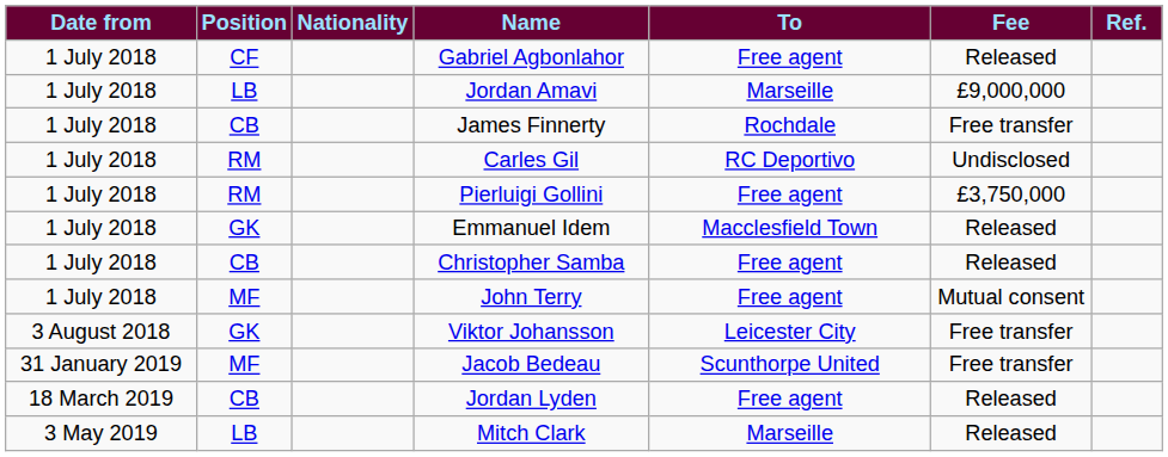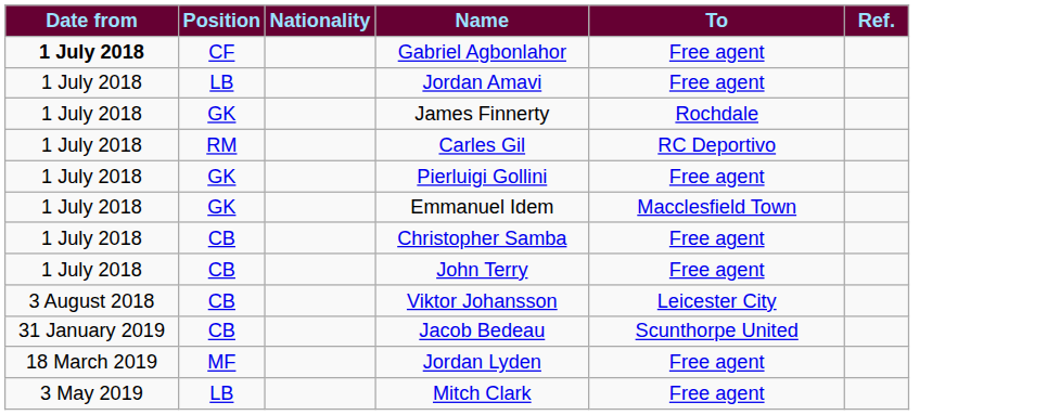 <table class="wikitable"  style="text-align:center; font-size:90%; ">
 <tr>
 <th style="background:#660033; color:#9be1ff; width:120px;">Date from</th>
 <th style="background:#660033; color:#9be1ff; width:50px;">Position</th>
 <th style="background:#660033; color:#9be1ff; width:50px;">Nationality</th>
 <th style="background:#660033; color:#9be1ff; width:150px;">Name</th>
 <th style="background:#660033; color:#9be1ff; width:180px;">To</th>
-<th style="background:#660033; color:#9be1ff; width:100px;">Fee</th>
 <th style="background:#660033; color:#9be1ff; width:40px;">Ref.</th>
 </tr>
 <tr>
-<td>1 July 2018</td>
+<td><strong>1 July 2018</strong></td>
 <td><a href='#'>CF</a></td>
 <td></td>
 <td><a href='#'>Gabriel Agbonlahor</a></td>
 <td><a href='#'>Free agent</a></td>
-<td>Released</td>
 <td></td>
 </tr>
 <tr>
 <td>1 July 2018</td>
 <td><a href='#'>LB</a></td>
 <td></td>
 <td><a href='#'>Jordan Amavi</a></td>
-<td> <a href='#'>Marseille</a></td>
-<td>£9,000,000</td>
+<td><a href='#'>Free agent</a></td>
 <td></td>
 </tr>
 <tr>
 <td>1 July 2018</td>
-<td><a href='#'>CB</a></td>
+<td><a href='#'>GK</a></td>
 <td></td>
 <td>James Finnerty</td>
 <td> <a href='#'>Rochdale</a></td>
-<td>Free transfer</td>
 <td></td>
 </tr>
 <tr>
 <td>1 July 2018</td>
 <td><a href='#'>RM</a></td>
 <td></td>
 <td><a href='#'>Carles Gil</a></td>
 <td> <a href='#'>RC Deportivo</a></td>
-<td>Undisclosed</td>
 <td></td>
 </tr>
 <tr>
 <td>1 July 2018</td>
-<td><a href='#'>RM</a></td>
+<td><a href='#'>GK</a></td>
 <td></td>
 <td><a href='#'>Pierluigi Gollini</a></td>
 <td><a href='#'>Free agent</a></td>
-<td>£3,750,000</td>
 <td></td>
 </tr>
 <tr>
 <td>1 July 2018</td>
 <td><a href='#'>GK</a></td>
 <td></td>
 <td>Emmanuel Idem</td>
 <td> <a href='#'>Macclesfield Town</a></td>
-<td>Released</td>
 <td></td>
 </tr>
 <tr>
 <td>1 July 2018</td>
 <td><a href='#'>CB</a></td>
 <td></td>
 <td><a href='#'>Christopher Samba</a></td>
 <td><a href='#'>Free agent</a></td>
-<td>Released</td>
 <td></td>
 </tr>
 <tr>
 <td>1 July 2018</td>
-<td><a href='#'>MF</a></td>
+<td><a href='#'>CB</a></td>
 <td></td>
 <td><a href='#'>John Terry</a></td>
 <td><a href='#'>Free agent</a></td>
-<td>Mutual consent</td>
 <td></td>
 </tr>
 <tr>
 <td>3 August 2018</td>
-<td><a href='#'>GK</a></td>
+<td><a href='#'>CB</a></td>
 <td></td>
 <td><a href='#'>Viktor Johansson</a></td>
 <td> <a href='#'>Leicester City</a></td>
-<td>Free transfer</td>
 <td></td>
 </tr>
 <tr>
 <td>31 January 2019</td>
-<td><a href='#'>MF</a></td>
+<td><a href='#'>CB</a></td>
 <td></td>
 <td><a href='#'>Jacob Bedeau</a></td>
 <td> <a href='#'>Scunthorpe United</a></td>
-<td>Free transfer</td>
 <td></td>
 </tr>
 <tr>
 <td>18 March 2019</td>
-<td><a href='#'>CB</a></td>
+<td><a href='#'>MF</a></td>
 <td></td>
 <td><a href='#'>Jordan Lyden</a></td>
 <td><a href='#'>Free agent</a></td>
-<td>Released</td>
 <td></td>
 </tr>
 <tr>
 <td>3 May 2019</td>
 <td><a href='#'>LB</a></td>
 <td></td>
 <td><a href='#'>Mitch Clark</a></td>
-<td> <a href='#'>Marseille</a></td>
-<td>Released</td>
+<td><a href='#'>Free agent</a></td>
 <td></td>
 </tr>
 </table>
